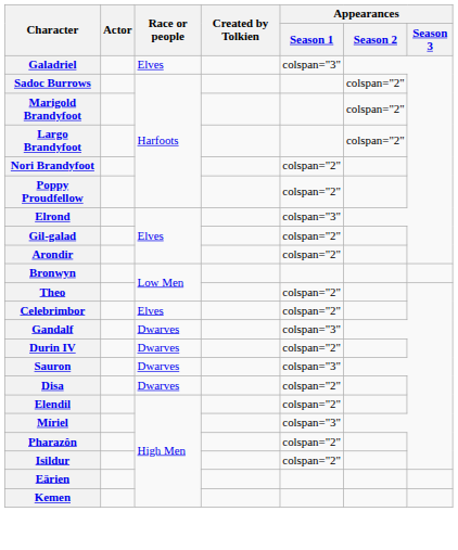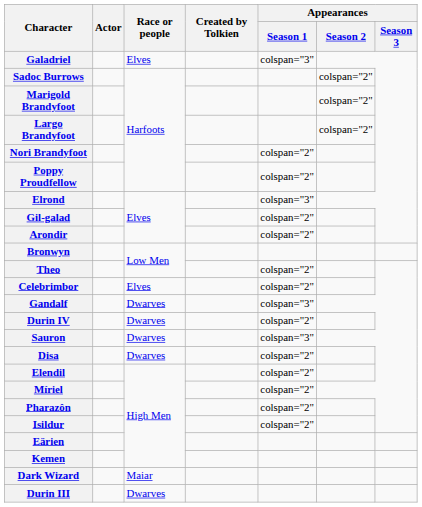 <table class="wikitable sortable defaultcenter col1left col2left plainrowheaders">
 <tr>
 <th scope="col" rowspan="2">Character</th>
 <th scope="col" rowspan="2">Actor</th>
 <th scope="col" rowspan="2">Race or people</th>
 <th scope="col" rowspan="2">Created by Tolkien</th>
 <th scope="colgroup" colspan="3">Appearances</th>
 </tr>
 <tr>
 <th scope="col"><a href='#'>Season 1</a></th>
 <th scope="col"><a href='#'>Season 2</a></th>
 <th scope="col"><a href='#'>Season 3</a></th>
 </tr>
 <tr>
 <th scope="row"><a href='#'>Galadriel</a></th>
 <td></td>
 <td><a href='#'>Elves</a></td>
 <td></td>
 <td>colspan="3" </td>
 </tr>
 <tr>
 <th scope="row"><a href='#'>Sadoc Burrows</a></th>
 <td></td>
 <td rowspan="5"><a href='#'>Harfoots</a></td>
 <td></td>
 <td></td>
 <td>colspan="2" </td>
 </tr>
 <tr>
 <th scope="row"><a href='#'>Marigold Brandyfoot</a></th>
 <td></td>
 <td></td>
 <td></td>
 <td>colspan="2" </td>
 </tr>
 <tr>
 <th scope="row"><a href='#'>Largo Brandyfoot</a></th>
 <td></td>
 <td></td>
 <td></td>
 <td>colspan="2" </td>
 </tr>
 <tr>
 <th scope="row"><a href='#'>Nori Brandyfoot</a></th>
 <td></td>
 <td></td>
 <td>colspan="2" </td>
 <td></td>
 </tr>
 <tr>
 <th scope="row"><a href='#'>Poppy Proudfellow</a></th>
 <td></td>
 <td></td>
 <td>colspan="2" </td>
 <td></td>
 </tr>
 <tr>
 <th scope="row"><a href='#'>Elrond</a></th>
 <td></td>
 <td rowspan="3"><a href='#'>Elves</a></td>
 <td></td>
 <td>colspan="3" </td>
 </tr>
 <tr>
 <th scope="row"><a href='#'>Gil-galad</a></th>
 <td></td>
 <td></td>
 <td>colspan="2" </td>
 <td></td>
 </tr>
 <tr>
 <th scope="row"><a href='#'>Arondir</a></th>
 <td></td>
 <td></td>
 <td>colspan="2" </td>
 <td></td>
 </tr>
 <tr>
 <th scope="row"><a href='#'>Bronwyn</a></th>
 <td></td>
 <td rowspan="2"><a href='#'>Low Men</a></td>
 <td></td>
 <td></td>
 <td></td>
 <td></td>
 </tr>
 <tr>
 <th scope="row"><a href='#'>Theo</a></th>
 <td></td>
 <td></td>
 <td>colspan="2" </td>
 <td></td>
 </tr>
 <tr>
 <th scope="row"><a href='#'>Celebrimbor</a></th>
 <td></td>
 <td><a href='#'>Elves</a></td>
 <td></td>
 <td>colspan="2" </td>
 <td></td>
 </tr>
 <tr>
 <th scope="row"><a href='#'>Gandalf</a></th>
 <td></td>
 <td><a href='#'>Dwarves</a></td>
 <td></td>
 <td>colspan="3" </td>
 </tr>
 <tr>
 <th scope="row"><a href='#'>Durin IV</a></th>
 <td></td>
 <td><a href='#'>Dwarves</a></td>
 <td></td>
 <td>colspan="2" </td>
 <td></td>
 </tr>
 <tr>
 <th scope="row"><a href='#'>Sauron</a></th>
 <td></td>
 <td><a href='#'>Dwarves</a></td>
 <td></td>
 <td>colspan="3" </td>
 </tr>
 <tr>
 <th scope="row"><a href='#'>Disa</a></th>
 <td></td>
 <td><a href='#'>Dwarves</a></td>
 <td></td>
 <td>colspan="2" </td>
 <td></td>
 </tr>
 <tr>
 <th scope="row"><a href='#'>Elendil</a></th>
 <td></td>
 <td rowspan="6"><a href='#'>High Men</a></td>
 <td></td>
 <td>colspan="2" </td>
 <td></td>
 </tr>
 <tr>
 <th scope="row"><a href='#'>Míriel</a></th>
 <td></td>
 <td></td>
-<td>colspan="3" </td>
+<td>colspan="2" </td>
 </tr>
 <tr>
 <th scope="row"><a href='#'>Pharazôn</a></th>
 <td></td>
 <td></td>
 <td>colspan="2" </td>
 <td></td>
 </tr>
 <tr>
 <th scope="row"><a href='#'>Isildur</a></th>
 <td></td>
 <td></td>
 <td>colspan="2" </td>
 <td></td>
 </tr>
 <tr>
 <th scope="row"><a href='#'>Eärien</a></th>
 <td></td>
 <td></td>
 <td></td>
 <td></td>
 <td></td>
 </tr>
 <tr>
 <th scope="row"><a href='#'>Kemen</a></th>
 <td></td>
 <td></td>
 <td></td>
 <td></td>
 <td></td>
 </tr>
+<tr>
+<th scope="row"><a href='#'>Dark Wizard</a></th>
+<td></td>
+<td><a href='#'>Maiar</a></td>
+<td></td>
+<td></td>
+<td></td>
+<td></td>
+</tr>
+<tr>
+<th scope="row"><a href='#'>Durin III</a></th>
+<td></td>
+<td><a href='#'>Dwarves</a></td>
+<td></td>
+<td></td>
+<td></td>
+<td></td>
+</tr>
 </table>
